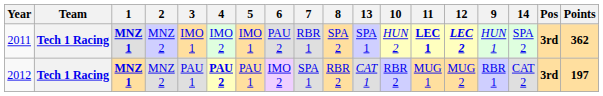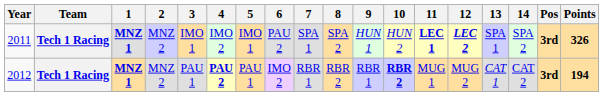 <table class="wikitable" style="text-align:center; font-size:85%">
 <tr>
 <th>Year</th>
 <th>Team</th>
 <th>1</th>
 <th>2</th>
 <th>3</th>
 <th>4</th>
 <th>5</th>
 <th>6</th>
 <th>7</th>
 <th>8</th>
-<th>13</th>
+<th>9</th>
 <th>10</th>
 <th>11</th>
 <th>12</th>
-<th>9</th>
+<th>13</th>
 <th>14</th>
 <th>Pos</th>
 <th>Points</th>
 </tr>
 <tr>
 <td><a href='#'>2011</a></td>
 <th nowrap><a href='#'>Tech 1 Racing</a></th>
 <td style="background:#DFDFDF;"><strong><a href='#'>MNZ<br>1</a><br></strong></td>
 <td style="background:#CFCFFF;"><a href='#'>MNZ<br>2</a><br></td>
 <td style="background:#FFDF9F;"><a href='#'>IMO<br>1</a><br></td>
 <td style="background:#DFFFDF;"><a href='#'>IMO<br>2</a><br></td>
 <td style="background:#FFDF9F;"><a href='#'>IMO<br>1</a><br></td>
 <td style="background:#DFDFDF;"><a href='#'>PAU<br>2</a><br></td>
-<td style="background:#DFDFDF;"><a href='#'>RBR<br>1</a><br></td>
+<td style="background:#DFDFDF;"><a href='#'>SPA<br>1</a><br></td>
 <td style="background:#FFDF9F;"><a href='#'>SPA<br>2</a><br></td>
-<td style="background:#CFCFFF;"><a href='#'>SPA<br>1</a><br></td>
+<td style="background:#DFFFDF;"><em><a href='#'>HUN<br>1</a></em><br></td>
 <td style="background:#FFFFBF;"><em><a href='#'>HUN<br>2</a></em><br></td>
 <td style="background:#FFFFBF;"><strong><a href='#'>LEC<br>1</a></strong><br></td>
 <td style="background:#FFFFBF;"><strong><em><a href='#'>LEC<br>2</a></em></strong><br></td>
-<td style="background:#DFFFDF;"><em><a href='#'>HUN<br>1</a></em><br></td>
+<td style="background:#CFCFFF;"><a href='#'>SPA<br>1</a><br></td>
 <td style="background:#DFFFDF;"><a href='#'>SPA<br>2</a><br></td>
 <th style="background:#FFDF9F;">3rd</th>
-<th style="background:#FFDF9F;">362</th>
+<th style="background:#FFDF9F;">326</th>
 </tr>
 <tr>
 <td><a href='#'>2012</a></td>
 <th nowrap><a href='#'>Tech 1 Racing</a></th>
 <td style="background:#FFDF9F;"><strong><a href='#'>MNZ<br>1</a></strong><br></td>
 <td style="background:#DFDFDF;"><a href='#'>MNZ<br>2</a><br></td>
 <td style="background:#DFDFDF;"><a href='#'>PAU<br>1</a><br></td>
 <td style="background:#FFFFBF;"><strong><a href='#'>PAU<br>2</a></strong><br></td>
 <td style="background:#FFDF9F;"><a href='#'>PAU<br>1</a><br></td>
 <td style="background:#EFCFFF;"><a href='#'>IMO<br>2</a><br></td>
-<td style="background:#DFDFDF;"><a href='#'>SPA<br>1</a><br></td>
+<td style="background:#DFDFDF;"><a href='#'>RBR<br>1</a><br></td>
 <td style="background:#FFDF9F;"><a href='#'>RBR<br>2</a><br></td>
-<td style="background:#DFDFDF;"><em><a href='#'>CAT<br>1</a></em><br></td>
-<td style="background:#CFCFFF;"><a href='#'>RBR<br>2</a><br></td>
+<td style="background:#CFCFFF;"><a href='#'>RBR<br>1</a><br></td>
+<td style="background:#CFCFFF;"><strong><a href='#'>RBR<br>2</a><br></strong></td>
 <td style="background:#FFDF9F;"><a href='#'>MUG<br>1</a><br></td>
 <td style="background:#FFDF9F;"><a href='#'>MUG<br>2</a><br></td>
-<td style="background:#CFCFFF;"><a href='#'>RBR<br>1</a><br></td>
+<td style="background:#DFDFDF;"><em><a href='#'>CAT<br>1</a></em><br></td>
 <td style="background:#DFDFDF;"><a href='#'>CAT<br>2</a><br></td>
 <th style="background:#FFDF9F;">3rd</th>
-<th style="background:#FFDF9F;">197</th>
+<th style="background:#FFDF9F;">194</th>
 </tr>
 </table>
